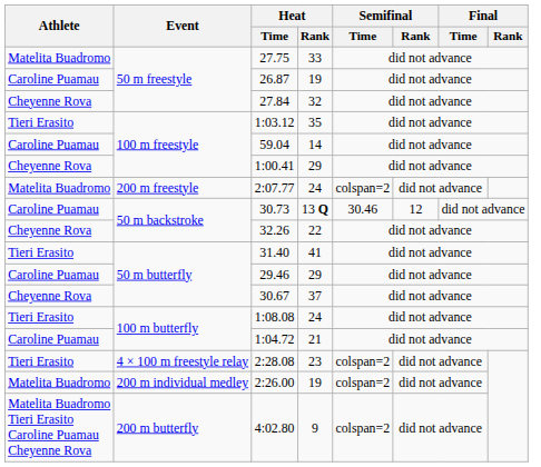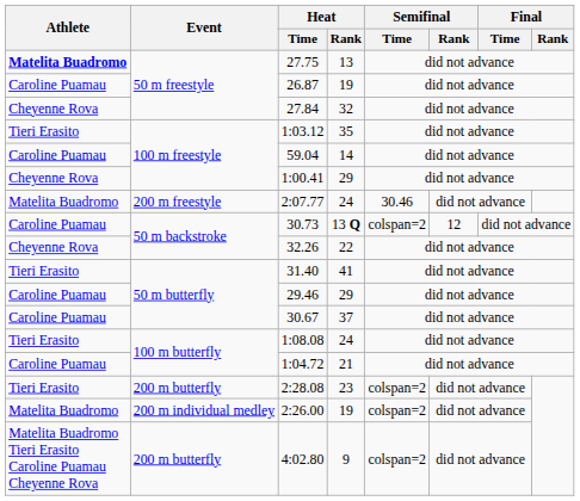 <table class=wikitable style=font-size:90%>
 <tr>
 <th rowspan=2>Athlete</th>
 <th rowspan=2>Event</th>
 <th colspan=2>Heat</th>
 <th colspan=2>Semifinal</th>
 <th colspan=2>Final</th>
 </tr>
 <tr style=font-size:95%>
 <th>Time</th>
 <th>Rank</th>
 <th>Time</th>
 <th>Rank</th>
 <th>Time</th>
 <th>Rank</th>
 </tr>
 <tr align=center>
-<td align=left><a href='#'>Matelita Buadromo</a></td>
+<td align=left><strong><a href='#'>Matelita Buadromo</a></strong></td>
 <td align=left rowspan=3><a href='#'>50 m freestyle</a></td>
 <td>27.75</td>
-<td>33</td>
+<td>13</td>
 <td colspan=4>did not advance</td>
 </tr>
 <tr align=center>
 <td align=left><a href='#'>Caroline Puamau</a></td>
 <td>26.87</td>
 <td>19</td>
 <td colspan=4>did not advance</td>
 </tr>
 <tr align=center>
 <td align=left><a href='#'>Cheyenne Rova</a></td>
 <td>27.84</td>
 <td>32</td>
 <td colspan=4>did not advance</td>
 </tr>
 <tr align=center>
 <td align=left><a href='#'>Tieri Erasito</a></td>
 <td align=left rowspan=3><a href='#'>100 m freestyle</a></td>
 <td>1:03.12</td>
 <td>35</td>
 <td colspan=4>did not advance</td>
 </tr>
 <tr align=center>
 <td align=left><a href='#'>Caroline Puamau</a></td>
 <td>59.04</td>
 <td>14</td>
 <td colspan=4>did not advance</td>
 </tr>
 <tr align=center>
 <td align=left><a href='#'>Cheyenne Rova</a></td>
 <td>1:00.41</td>
 <td>29</td>
 <td colspan=4>did not advance</td>
 </tr>
 <tr align=center>
 <td align=left><a href='#'>Matelita Buadromo</a></td>
 <td align=left><a href='#'>200 m freestyle</a></td>
 <td>2:07.77</td>
 <td>24</td>
-<td>colspan=2 </td>
+<td>30.46</td>
 <td colspan=2>did not advance</td>
 </tr>
 <tr align=center>
 <td align=left><a href='#'>Caroline Puamau</a></td>
 <td align=left rowspan=2><a href='#'>50 m backstroke</a></td>
 <td>30.73</td>
 <td>13 <strong>Q</strong></td>
-<td>30.46</td>
+<td>colspan=2 </td>
 <td>12</td>
 <td colspan=2>did not advance</td>
 </tr>
 <tr align=center>
 <td align=left><a href='#'>Cheyenne Rova</a></td>
 <td>32.26</td>
 <td>22</td>
 <td colspan=4>did not advance</td>
 </tr>
 <tr align=center>
 <td align=left><a href='#'>Tieri Erasito</a></td>
 <td align=left rowspan=3><a href='#'>50 m butterfly</a></td>
 <td>31.40</td>
 <td>41</td>
 <td colspan=4>did not advance</td>
 </tr>
 <tr align=center>
 <td align=left><a href='#'>Caroline Puamau</a></td>
 <td>29.46</td>
 <td>29</td>
 <td colspan=4>did not advance</td>
 </tr>
 <tr align=center>
-<td align=left><a href='#'>Cheyenne Rova</a></td>
+<td align=left><a href='#'>Caroline Puamau</a></td>
 <td>30.67</td>
 <td>37</td>
 <td colspan=4>did not advance</td>
 </tr>
 <tr align=center>
 <td align=left><a href='#'>Tieri Erasito</a></td>
 <td align=left rowspan=2><a href='#'>100 m butterfly</a></td>
 <td>1:08.08</td>
 <td>24</td>
 <td colspan=4>did not advance</td>
 </tr>
 <tr align=center>
 <td align=left><a href='#'>Caroline Puamau</a></td>
 <td>1:04.72</td>
 <td>21</td>
 <td colspan=4>did not advance</td>
 </tr>
 <tr align=center>
 <td align=left><a href='#'>Tieri Erasito</a></td>
-<td align=left><a href='#'>4 × 100 m freestyle relay</a></td>
+<td align=left><a href='#'>200 m butterfly</a></td>
 <td>2:28.08</td>
 <td>23</td>
 <td>colspan=2 </td>
 <td colspan=2>did not advance</td>
 </tr>
 <tr align=center>
 <td align=left><a href='#'>Matelita Buadromo</a></td>
 <td align=left><a href='#'>200 m individual medley</a></td>
 <td>2:26.00</td>
 <td>19</td>
 <td>colspan=2 </td>
 <td colspan=2>did not advance</td>
 </tr>
 <tr align=center>
 <td align=left><a href='#'>Matelita Buadromo</a><br><a href='#'>Tieri Erasito</a><br><a href='#'>Caroline Puamau</a><br><a href='#'>Cheyenne Rova</a></td>
 <td align=left><a href='#'>200 m butterfly</a></td>
 <td>4:02.80</td>
 <td>9</td>
 <td>colspan=2 </td>
 <td colspan=2>did not advance</td>
 </tr>
 </table>
